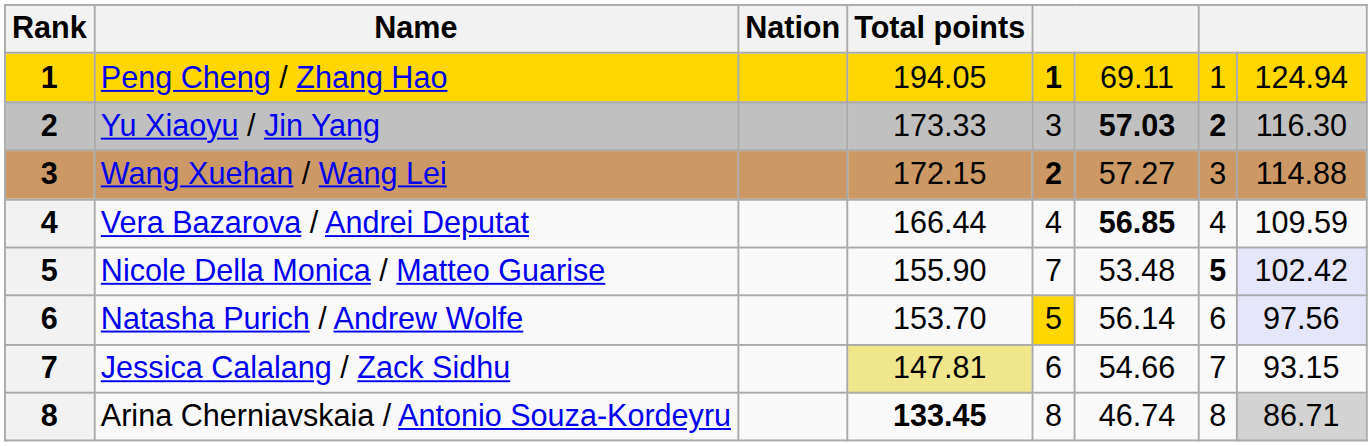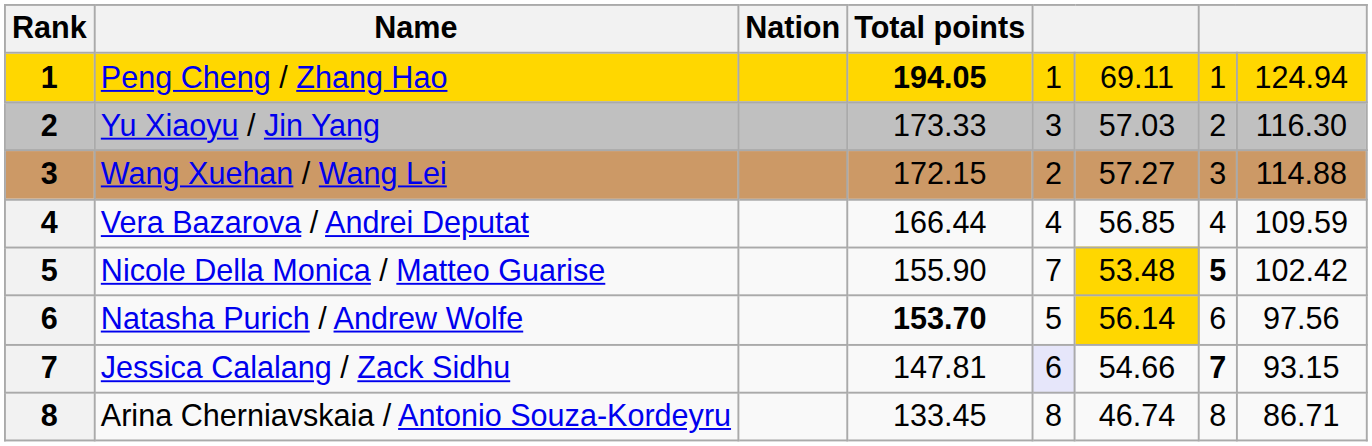 <table class="wikitable sortable">
 <tr>
 <th>Rank</th>
 <th>Name</th>
 <th>Nation</th>
 <th>Total points</th>
 <th colspan="2" width="80px"></th>
 <th colspan="2" width="80px"></th>
 </tr>
 <tr bgcolor="gold">
 <td align="center"><strong>1</strong></td>
 <td><a href='#'>Peng Cheng</a> / <a href='#'>Zhang Hao</a></td>
 <td></td>
-<td align="center">194.05</td>
-<td align="center"><strong>1</strong></td>
+<td align="center"><strong>194.05</strong></td>
+<td align="center">1</td>
 <td align="center">69.11</td>
 <td align="center">1</td>
 <td align="center">124.94</td>
 </tr>
 <tr bgcolor="silver">
 <td align="center"><strong>2</strong></td>
 <td><a href='#'>Yu Xiaoyu</a> / <a href='#'>Jin Yang</a></td>
 <td></td>
 <td align="center">173.33</td>
 <td align="center">3</td>
-<td align="center"><strong>57.03</strong></td>
-<td align="center"><strong>2</strong></td>
+<td align="center">57.03</td>
+<td align="center">2</td>
 <td align="center">116.30</td>
 </tr>
 <tr bgcolor="cc9966">
 <td align="center"><strong>3</strong></td>
 <td><a href='#'>Wang Xuehan</a> / <a href='#'>Wang Lei</a></td>
 <td></td>
 <td align="center">172.15</td>
-<td align="center"><strong>2</strong></td>
+<td align="center">2</td>
 <td align="center">57.27</td>
 <td align="center">3</td>
 <td align="center">114.88</td>
 </tr>
 <tr>
 <th>4</th>
 <td><a href='#'>Vera Bazarova</a> / <a href='#'>Andrei Deputat</a></td>
 <td></td>
 <td align="center">166.44</td>
 <td align="center">4</td>
-<td align="center"><strong>56.85</strong></td>
+<td align="center">56.85</td>
 <td align="center">4</td>
 <td align="center">109.59</td>
 </tr>
 <tr>
 <th>5</th>
 <td><a href='#'>Nicole Della Monica</a> / <a href='#'>Matteo Guarise</a></td>
 <td></td>
 <td align="center">155.90</td>
 <td align="center">7</td>
-<td align="center">53.48</td>
+<td align="center" style="background: gold;">53.48</td>
 <td align="center"><strong>5</strong></td>
-<td align="center" style="background: lavender;">102.42</td>
+<td align="center">102.42</td>
 </tr>
 <tr>
 <th>6</th>
 <td><a href='#'>Natasha Purich</a> / <a href='#'>Andrew Wolfe</a></td>
 <td></td>
-<td align="center">153.70</td>
-<td align="center" style="background: gold;">5</td>
-<td align="center">56.14</td>
+<td align="center"><strong>153.70</strong></td>
+<td align="center">5</td>
+<td align="center" style="background: gold;">56.14</td>
 <td align="center">6</td>
-<td align="center" style="background: lavender;">97.56</td>
+<td align="center">97.56</td>
 </tr>
 <tr>
 <th>7</th>
 <td><a href='#'>Jessica Calalang</a> / <a href='#'>Zack Sidhu</a></td>
 <td></td>
-<td align="center" style="background: khaki;">147.81</td>
-<td align="center">6</td>
+<td align="center">147.81</td>
+<td align="center" style="background: lavender;">6</td>
 <td align="center">54.66</td>
-<td align="center">7</td>
+<td align="center"><strong>7</strong></td>
 <td align="center">93.15</td>
 </tr>
 <tr>
 <th>8</th>
 <td>Arina Cherniavskaia / <a href='#'>Antonio Souza-Kordeyru</a></td>
 <td></td>
-<td align="center"><strong>133.45</strong></td>
+<td align="center">133.45</td>
 <td align="center">8</td>
 <td align="center">46.74</td>
 <td align="center">8</td>
-<td align="center" style="background: lightgrey;">86.71</td>
+<td align="center">86.71</td>
 </tr>
 </table>
